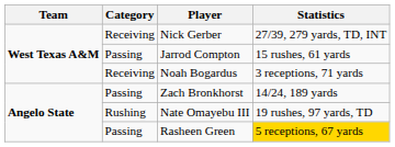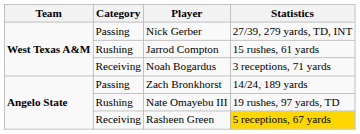 <table class="wikitable" style="float: left;">
 <tr>
 <th>Team</th>
 <th>Category</th>
 <th>Player</th>
 <th>Statistics</th>
 </tr>
 <tr>
 <td rowspan=3><strong>West Texas A&M</strong></td>
-<td>Receiving</td>
+<td>Passing</td>
 <td>Nick Gerber</td>
 <td>27/39, 279 yards, TD, INT</td>
 </tr>
 <tr>
-<td>Passing</td>
+<td>Rushing</td>
 <td>Jarrod Compton</td>
 <td>15 rushes, 61 yards</td>
 </tr>
 <tr>
 <td>Receiving</td>
 <td>Noah Bogardus</td>
 <td>3 receptions, 71 yards</td>
 </tr>
 <tr>
 <td rowspan=3><strong>Angelo State</strong></td>
 <td>Passing</td>
 <td>Zach Bronkhorst</td>
 <td>14/24, 189 yards</td>
 </tr>
 <tr>
 <td>Rushing</td>
 <td>Nate Omayebu III</td>
 <td>19 rushes, 97 yards, TD</td>
 </tr>
 <tr>
-<td>Passing</td>
+<td>Receiving</td>
 <td>Rasheen Green</td>
 <td style="background: gold;">5 receptions, 67 yards</td>
 </tr>
 </table>
